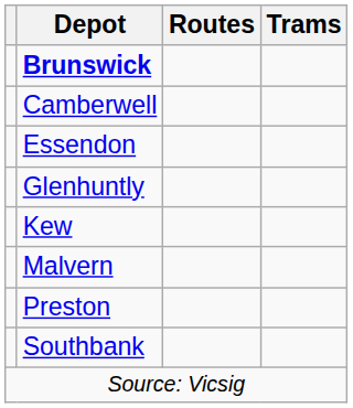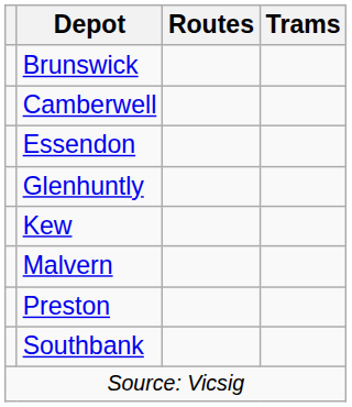 <table class="wikitable">
 <tr>
 <th align="center"></th>
 <th>Depot</th>
 <th>Routes</th>
 <th>Trams</th>
 </tr>
 <tr>
 <td class="noresize"></td>
-<td><strong><a href='#'>Brunswick</a></strong></td>
+<td><a href='#'>Brunswick</a></td>
 <td></td>
 <td></td>
 </tr>
 <tr>
 <td></td>
 <td><a href='#'>Camberwell</a></td>
 <td></td>
 <td></td>
 </tr>
 <tr>
 <td></td>
 <td><a href='#'>Essendon</a></td>
 <td></td>
 <td></td>
 </tr>
 <tr>
 <td></td>
 <td><a href='#'>Glenhuntly</a></td>
 <td></td>
 <td></td>
 </tr>
 <tr>
 <td></td>
 <td><a href='#'>Kew</a></td>
 <td></td>
 <td></td>
 </tr>
 <tr>
 <td></td>
 <td><a href='#'>Malvern</a></td>
 <td></td>
 <td></td>
 </tr>
 <tr>
 <td></td>
 <td><a href='#'>Preston</a></td>
 <td></td>
 <td></td>
 </tr>
 <tr>
 <td></td>
 <td><a href='#'>Southbank</a></td>
 <td></td>
 <td></td>
 </tr>
 <tr>
 <td colspan="5" style="text-align:center; font-size:85%"><em>Source: Vicsig</em></td>
 </tr>
 </table>
